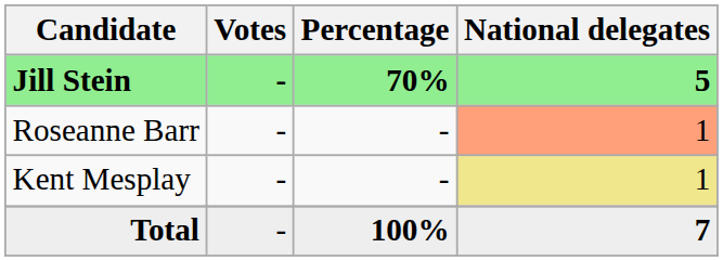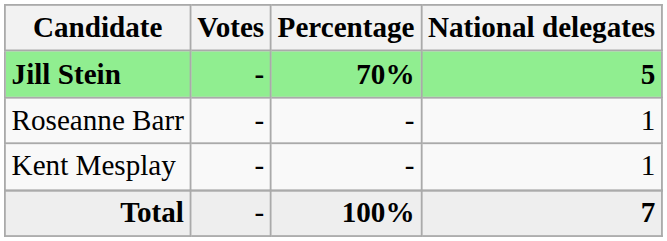 <table class="wikitable" style="text-align:right;">
 <tr>
 <th>Candidate</th>
 <th>Votes</th>
 <th>Percentage</th>
 <th>National delegates</th>
 </tr>
 <tr style="background:lightgreen;">
 <td style="text-align:left;"><strong>Jill Stein</strong></td>
 <td><strong>-</strong></td>
 <td><strong>70%</strong></td>
 <td><strong>5</strong></td>
 </tr>
 <tr>
 <td style="text-align:left;">Roseanne Barr</td>
 <td>-</td>
 <td>-</td>
-<td style="background: lightsalmon;">1</td>
+<td>1</td>
 </tr>
 <tr>
 <td style="text-align:left;">Kent Mesplay</td>
 <td>-</td>
 <td>-</td>
-<td style="background: khaki;">1</td>
+<td>1</td>
 </tr>
 <tr>
 </tr>
 <tr style="background:#eee;">
 <td style="margin-right:0.50px"><strong>Total</strong></td>
 <td style="margin-right:0.50px"><em>-</em></td>
 <td style="margin-right:0.50px"><strong>100%</strong></td>
 <td style="margin-right:0.50px"><strong>7</strong></td>
 </tr>
 </table>
